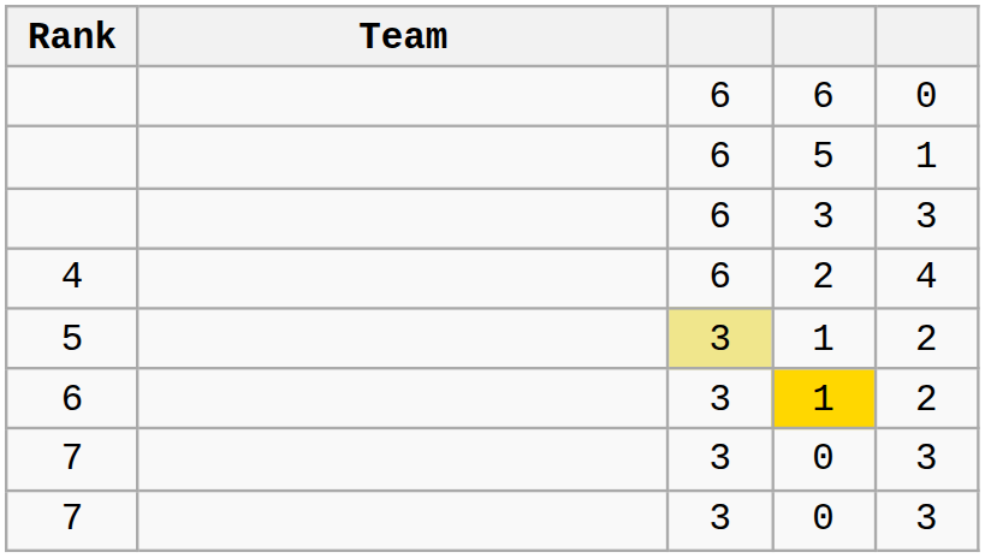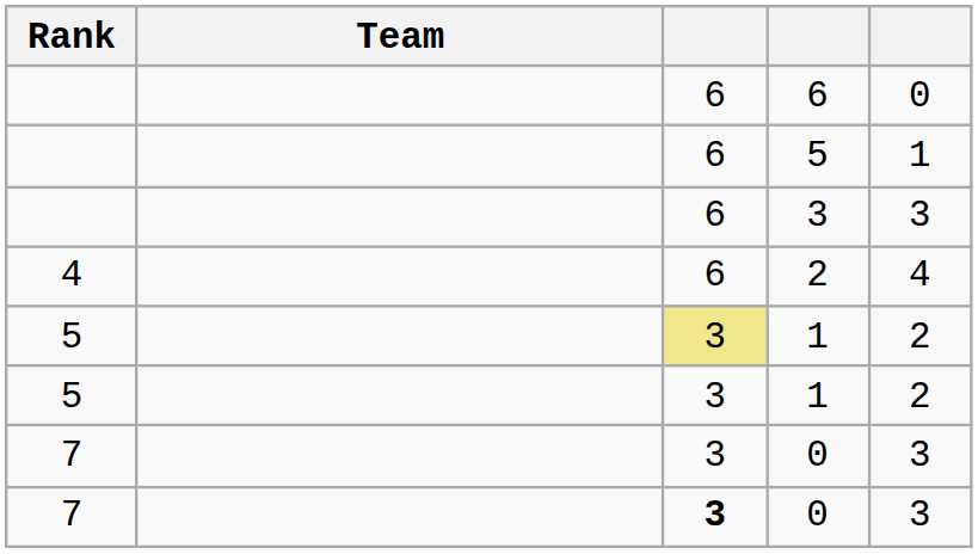 <table class="wikitable" style="text-align: center;">
 <tr>
 <th width=40>Rank</th>
 <th width=180>Team</th>
 <th width=30></th>
 <th width=30></th>
 <th width=30></th>
 </tr>
 <tr>
 <td></td>
 <td align=left></td>
 <td>6</td>
 <td>6</td>
 <td>0</td>
 </tr>
 <tr>
 <td></td>
 <td align=left></td>
 <td>6</td>
 <td>5</td>
 <td>1</td>
 </tr>
 <tr>
 <td></td>
 <td align=left></td>
 <td>6</td>
 <td>3</td>
 <td>3</td>
 </tr>
 <tr>
 <td>4</td>
 <td align=left></td>
 <td>6</td>
 <td>2</td>
 <td>4</td>
 </tr>
 <tr>
 <td>5</td>
 <td align=left></td>
 <td style="background: khaki;">3</td>
 <td>1</td>
 <td>2</td>
 </tr>
 <tr>
-<td>6</td>
+<td>5</td>
 <td align=left></td>
 <td>3</td>
-<td style="background: gold;">1</td>
+<td>1</td>
 <td>2</td>
 </tr>
 <tr>
 <td>7</td>
 <td align=left></td>
 <td>3</td>
 <td>0</td>
 <td>3</td>
 </tr>
 <tr>
 <td>7</td>
 <td align=left></td>
-<td>3</td>
+<td><strong>3</strong></td>
 <td>0</td>
 <td>3</td>
 </tr>
 </table>
